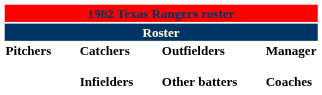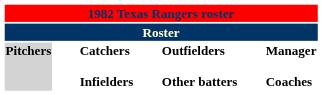 <table class="toccolours" style="font-size: 95%;">
 <tr>
 <th colspan="10" style="background-color: red; color: #003366; text-align: center;">1982 Texas Rangers roster</th>
 </tr>
 <tr>
 <td colspan="10" style="background-color: #003366; color: #FFFDD0; text-align: center;"><strong>Roster</strong></td>
 </tr>
 <tr>
-<td valign="top"><strong>Pitchers</strong><br>              </td>
+<td valign="top" style="background: lightgrey;"><strong>Pitchers</strong><br>              </td>
 <td width="25px"></td>
 <td valign="top"><strong>Catchers</strong><br>  <br><strong>Infielders</strong>           </td>
 <td width="25px"></td>
 <td valign="top"><strong>Outfielders</strong><br>        <br><strong>Other batters</strong>  </td>
 <td width="25px"></td>
 <td valign="top"><strong>Manager</strong><br> <br><strong>Coaches</strong>     </td>
 </tr>
 <tr>
 </tr>
 </table>
